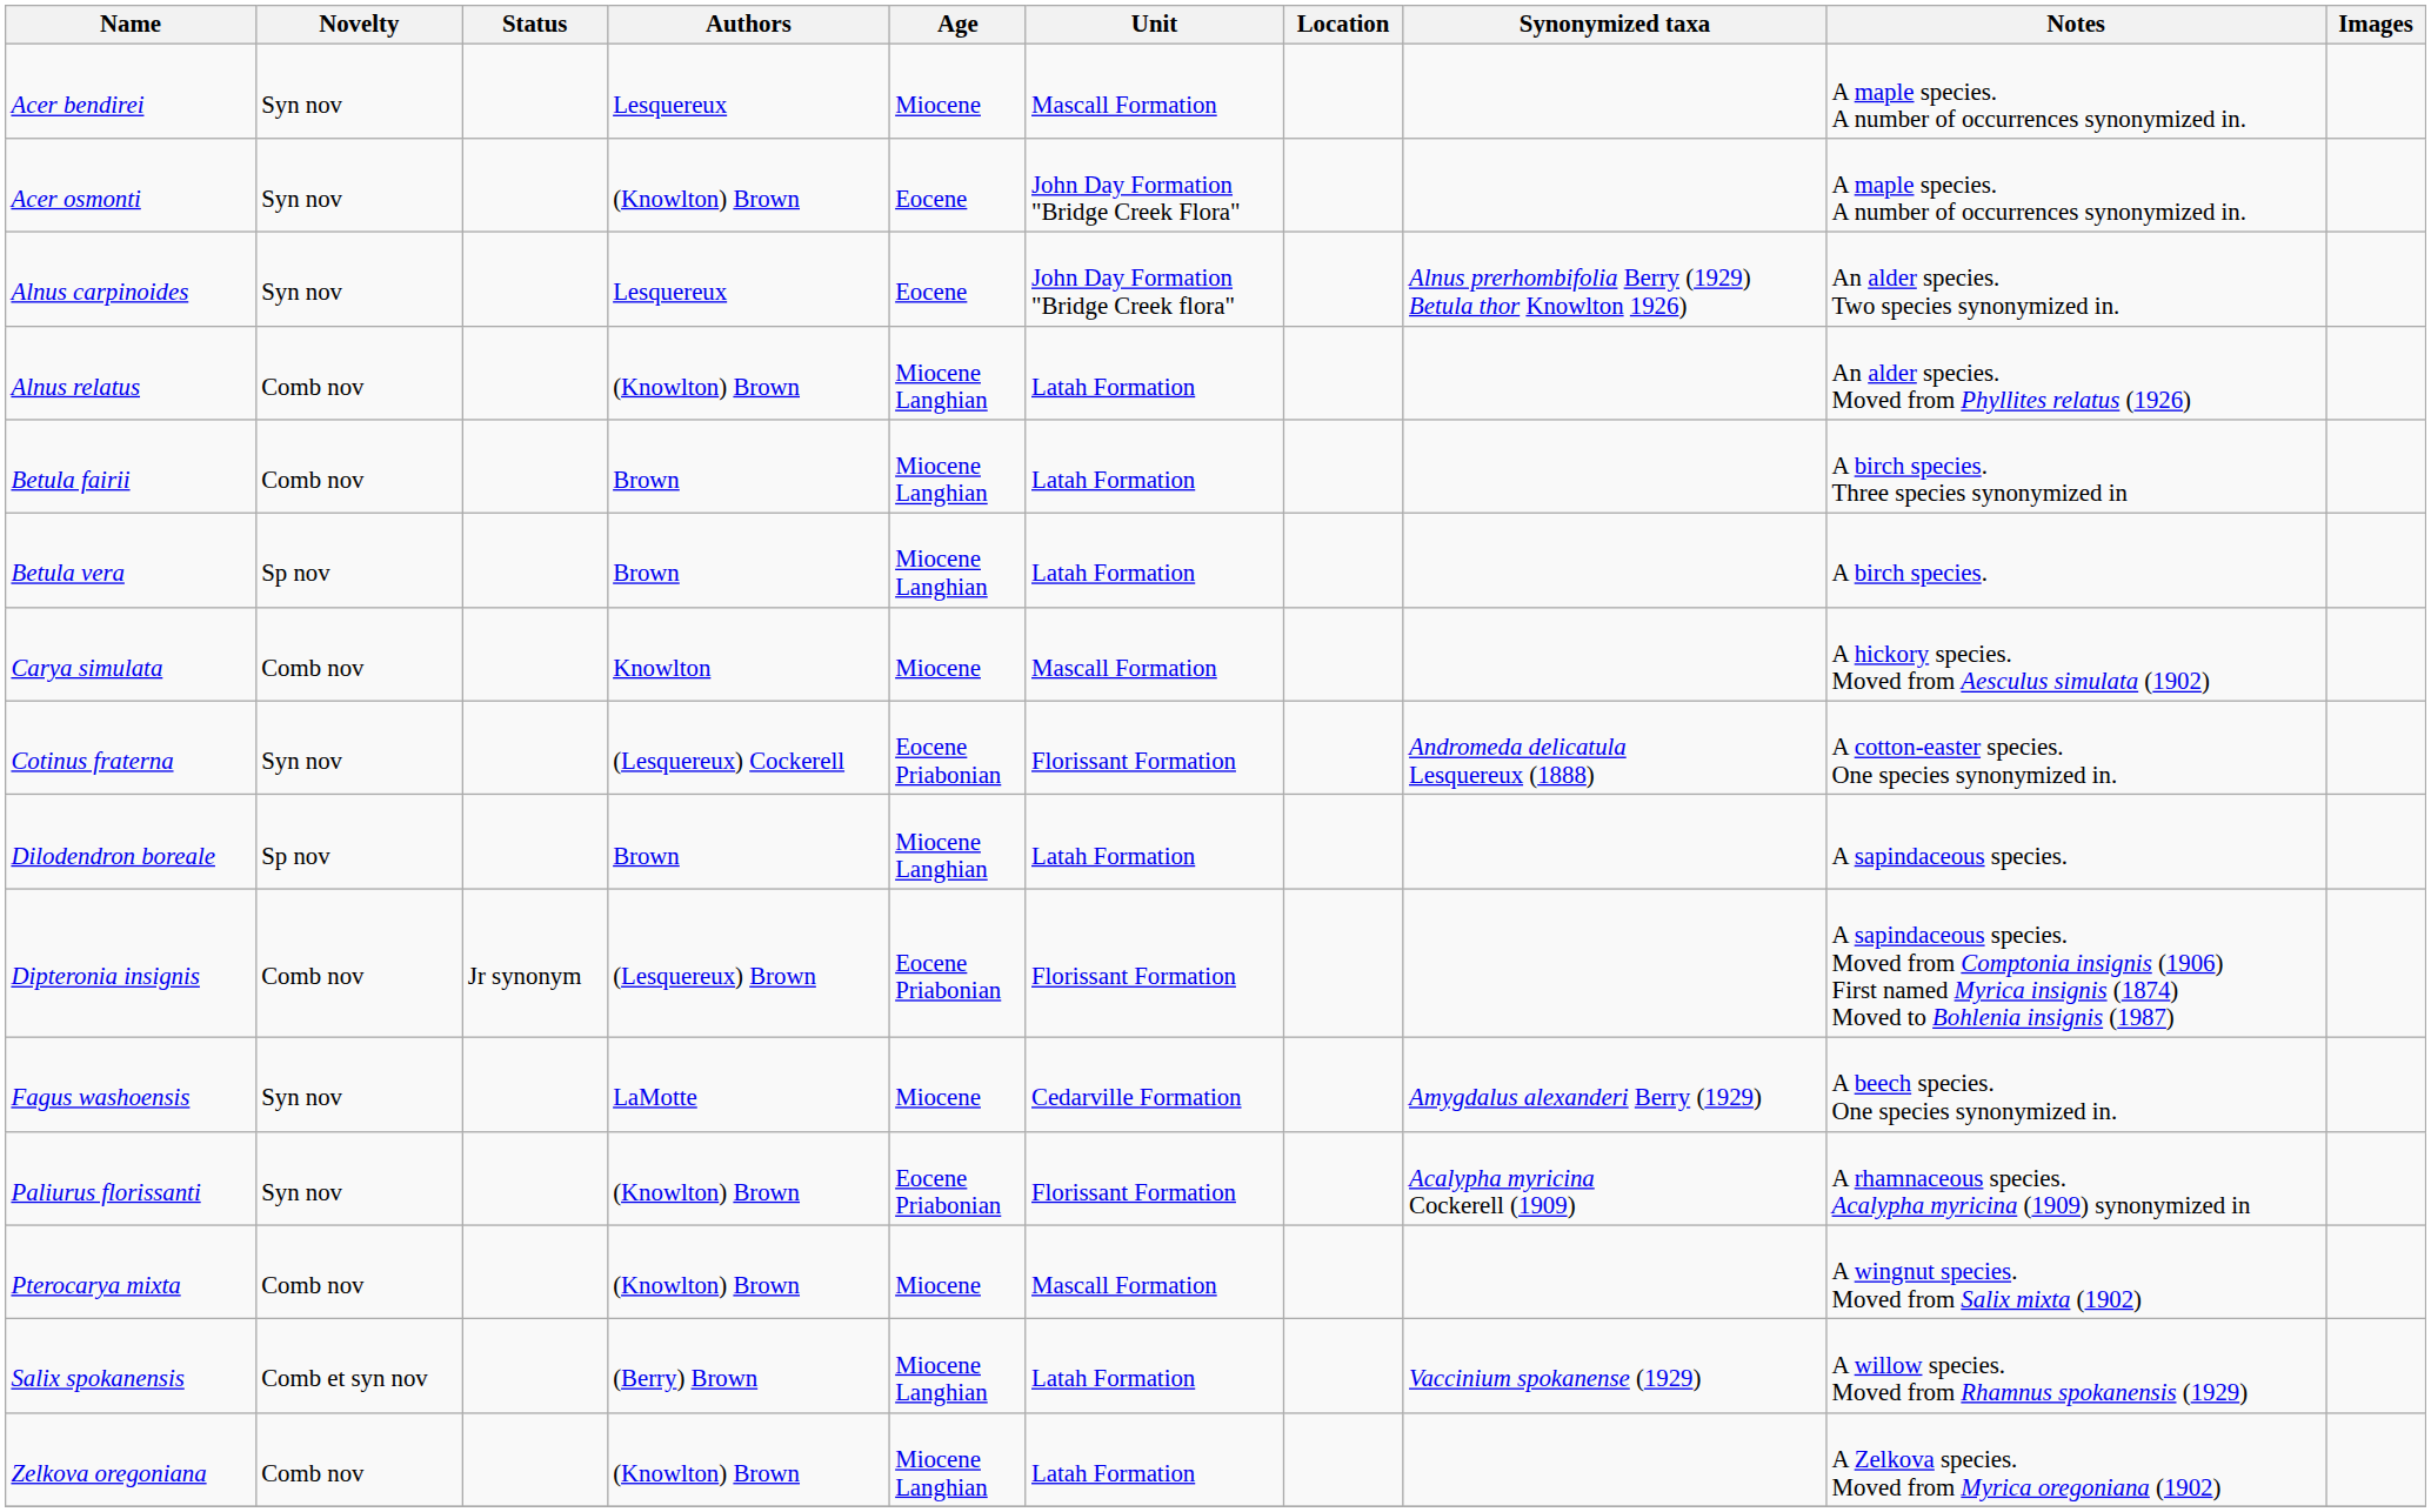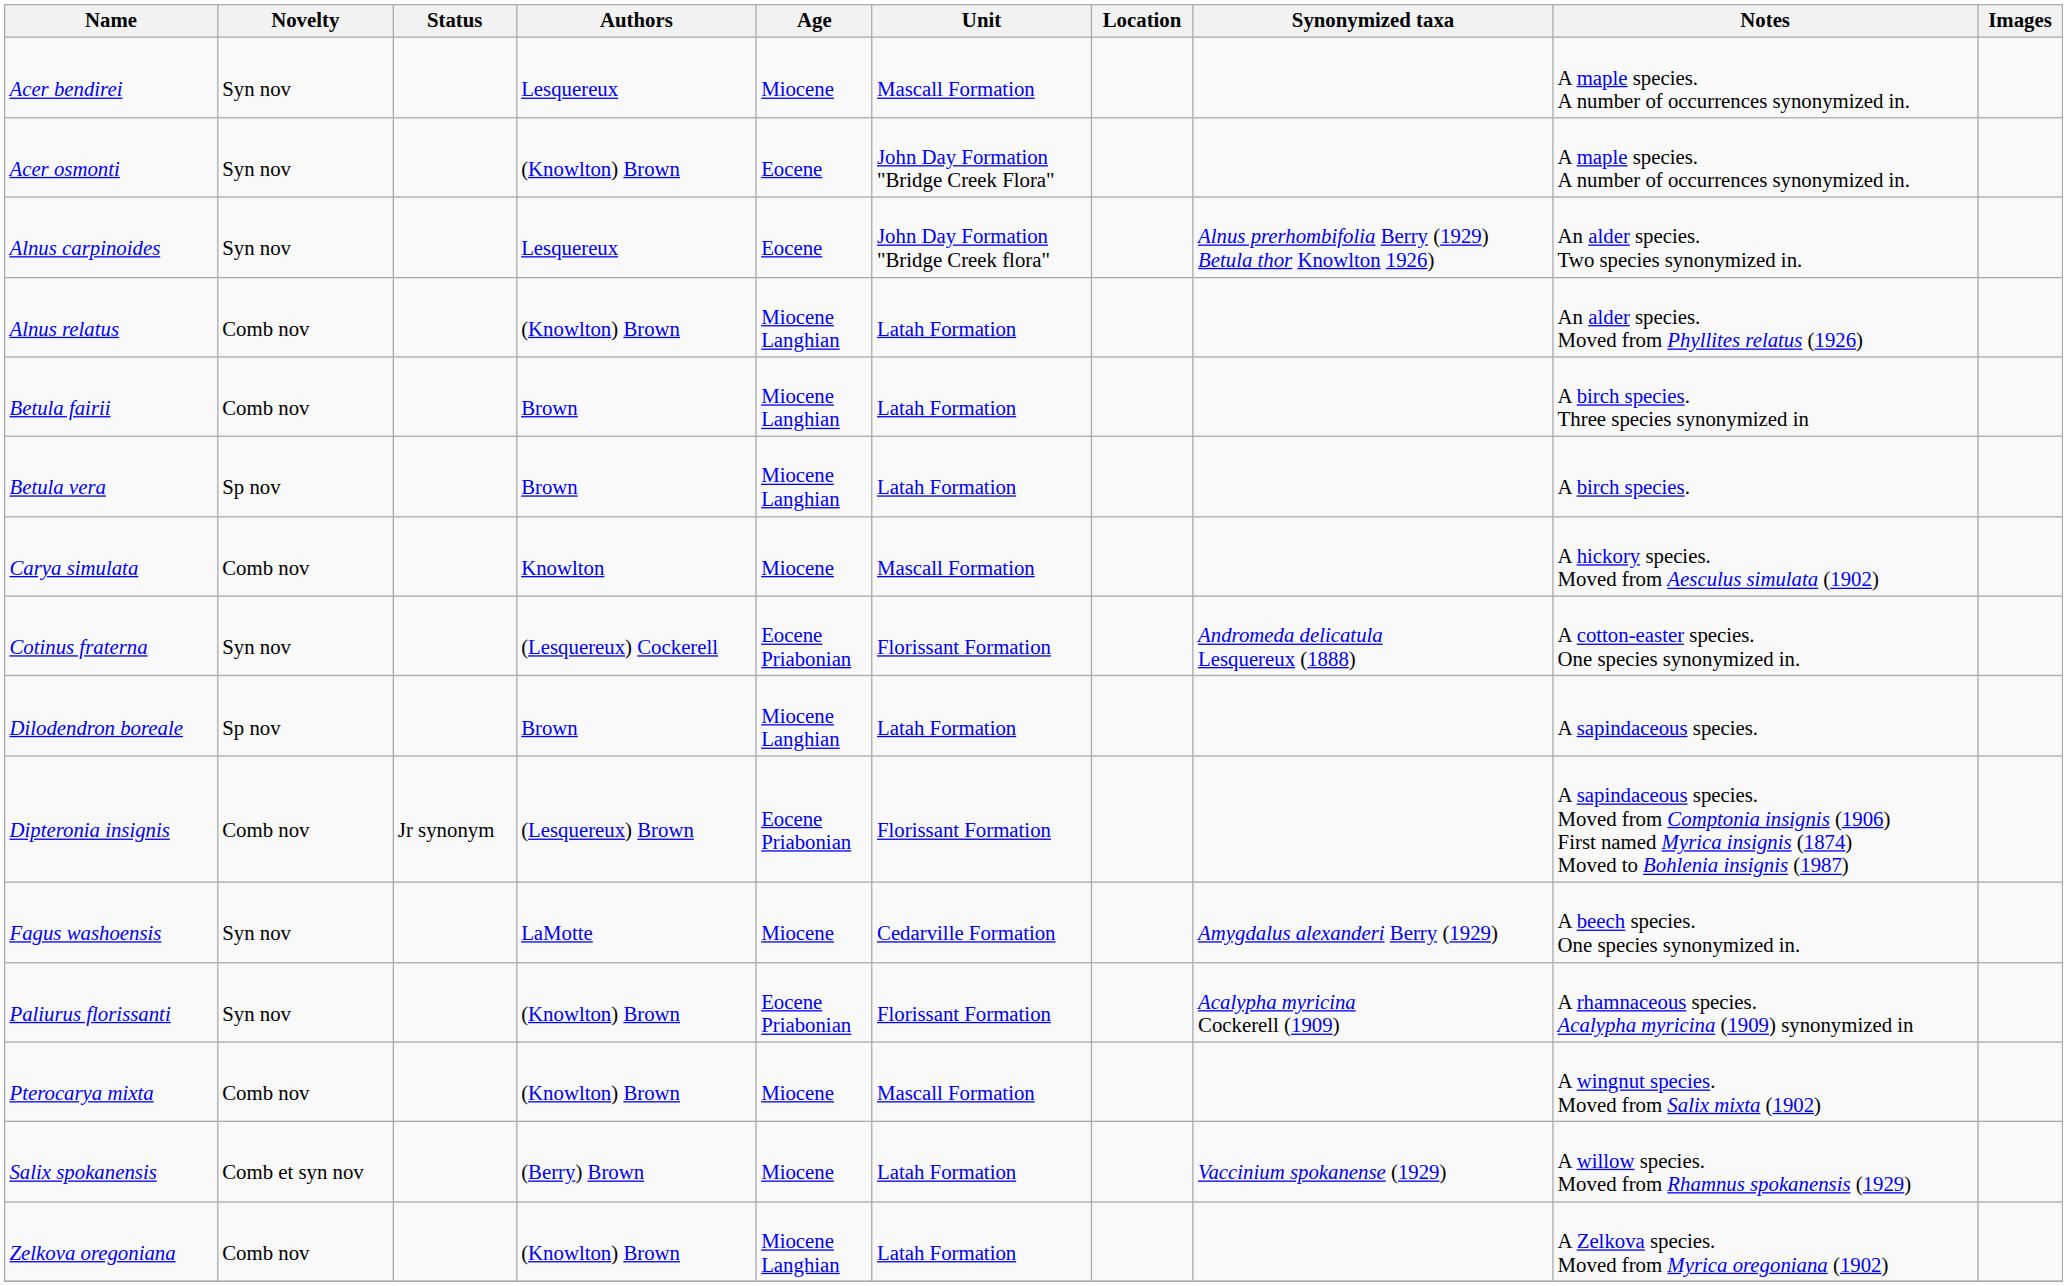 <table class="wikitable sortable" align="center" width="100%">
 <tr>
 <th>Name</th>
 <th>Novelty</th>
 <th>Status</th>
 <th>Authors</th>
 <th>Age</th>
 <th>Unit</th>
 <th>Location</th>
 <th>Synonymized taxa</th>
 <th>Notes</th>
 <th>Images</th>
 </tr>
 <tr>
 <td><br><em><a href='#'>Acer bendirei</a></em></td>
 <td><br>Syn nov</td>
 <td></td>
 <td><br><a href='#'>Lesquereux</a></td>
 <td><br><a href='#'>Miocene</a></td>
 <td><br><a href='#'>Mascall Formation</a></td>
 <td><br><br></td>
 <td><br></td>
 <td><br>A <a href='#'>maple</a> species.<br>A number of occurrences synonymized in.</td>
 <td></td>
 </tr>
 <tr>
 <td><br><em><a href='#'>Acer osmonti</a></em></td>
 <td><br>Syn nov</td>
 <td></td>
 <td><br>(<a href='#'>Knowlton</a>) <a href='#'>Brown</a></td>
 <td><br><a href='#'>Eocene</a></td>
 <td><br><a href='#'>John Day Formation</a><br>"Bridge Creek Flora"</td>
 <td><br><br></td>
 <td><br></td>
 <td><br>A <a href='#'>maple</a> species.<br>A number of occurrences synonymized in.</td>
 <td></td>
 </tr>
 <tr>
 <td><br><em><a href='#'>Alnus carpinoides</a></em></td>
 <td><br>Syn nov</td>
 <td></td>
 <td><br><a href='#'>Lesquereux</a></td>
 <td><br><a href='#'>Eocene</a></td>
 <td><br><a href='#'>John Day Formation</a><br>"Bridge Creek flora"</td>
 <td><br><br></td>
 <td><br><em><a href='#'>Alnus prerhombifolia</a></em> <a href='#'>Berry</a> (<a href='#'>1929</a>)<br> <em><a href='#'>Betula thor</a></em> <a href='#'>Knowlton</a> <a href='#'>1926</a>)</td>
 <td><br>An <a href='#'>alder</a> species.<br> Two species synonymized in.</td>
 <td><br></td>
 </tr>
 <tr>
 <td><br><em><a href='#'>Alnus relatus</a></em></td>
 <td><br>Comb nov</td>
 <td></td>
 <td><br>(<a href='#'>Knowlton</a>) <a href='#'>Brown</a></td>
 <td><br><a href='#'>Miocene</a><br><a href='#'>Langhian</a></td>
 <td><br><a href='#'>Latah Formation</a></td>
 <td><br><br></td>
 <td><br></td>
 <td><br>An <a href='#'>alder</a> species.<br>Moved from <em><a href='#'>Phyllites relatus</a></em> (<a href='#'>1926</a>)</td>
 <td><br></td>
 </tr>
 <tr>
 <td><br><em><a href='#'>Betula fairii</a></em></td>
 <td><br>Comb nov</td>
 <td></td>
 <td><br><a href='#'>Brown</a></td>
 <td><br><a href='#'>Miocene</a><br><a href='#'>Langhian</a></td>
 <td><br><a href='#'>Latah Formation</a></td>
 <td><br><br></td>
 <td><br></td>
 <td><br>A <a href='#'>birch species</a>.<br>Three species synonymized in</td>
 <td><br></td>
 </tr>
 <tr>
 <td><br><em><a href='#'>Betula vera</a></em></td>
 <td><br>Sp nov</td>
 <td></td>
 <td><br><a href='#'>Brown</a></td>
 <td><br><a href='#'>Miocene</a><br><a href='#'>Langhian</a></td>
 <td><br><a href='#'>Latah Formation</a></td>
 <td><br><br></td>
 <td></td>
 <td><br>A <a href='#'>birch species</a>.</td>
 <td></td>
 </tr>
 <tr>
 <td><br><em><a href='#'>Carya simulata</a></em></td>
 <td><br>Comb nov</td>
 <td></td>
 <td><br><a href='#'>Knowlton</a></td>
 <td><br><a href='#'>Miocene</a></td>
 <td><br><a href='#'>Mascall Formation</a></td>
 <td><br><br></td>
 <td></td>
 <td><br>A <a href='#'>hickory</a> species.<br>Moved from <em><a href='#'>Aesculus simulata</a></em> (<a href='#'>1902</a>)</td>
 <td></td>
 </tr>
 <tr>
 <td><br><em><a href='#'>Cotinus fraterna</a></em></td>
 <td><br>Syn nov</td>
 <td></td>
 <td><br>(<a href='#'>Lesquereux</a>) <a href='#'>Cockerell</a></td>
 <td><br><a href='#'>Eocene</a><br><a href='#'>Priabonian</a></td>
 <td><br><a href='#'>Florissant Formation</a></td>
 <td><br><br></td>
 <td><br><em><a href='#'>Andromeda delicatula</a></em><br><a href='#'>Lesquereux</a> (<a href='#'>1888</a>)</td>
 <td><br>A <a href='#'>cotton-easter</a> species.<br> One species synonymized in.</td>
 <td></td>
 </tr>
 <tr>
 <td><br><em><a href='#'>Dilodendron boreale</a></em></td>
 <td><br>Sp nov</td>
 <td></td>
 <td><br><a href='#'>Brown</a></td>
 <td><br><a href='#'>Miocene</a><br><a href='#'>Langhian</a></td>
 <td><br><a href='#'>Latah Formation</a></td>
 <td><br><br></td>
 <td></td>
 <td><br>A <a href='#'>sapindaceous</a> species.</td>
 <td></td>
 </tr>
 <tr>
 <td><br><em><a href='#'>Dipteronia insignis</a></em></td>
 <td><br>Comb nov</td>
 <td><br>Jr synonym</td>
 <td><br>(<a href='#'>Lesquereux</a>) <a href='#'>Brown</a></td>
 <td><br><a href='#'>Eocene</a><br><a href='#'>Priabonian</a></td>
 <td><br><a href='#'>Florissant Formation</a></td>
 <td><br><br></td>
 <td><br></td>
 <td><br>A <a href='#'>sapindaceous</a> species.<br>Moved from <em><a href='#'>Comptonia insignis</a></em> (<a href='#'>1906</a>)<br>First named <em><a href='#'>Myrica insignis</a></em> (<a href='#'>1874</a>)<br>Moved to <em><a href='#'>Bohlenia insignis</a></em> (<a href='#'>1987</a>)</td>
 <td></td>
 </tr>
 <tr>
 <td><br><em><a href='#'>Fagus washoensis</a></em></td>
 <td><br>Syn nov</td>
 <td></td>
 <td><br><a href='#'>LaMotte</a></td>
 <td><br><a href='#'>Miocene</a></td>
 <td><br><a href='#'>Cedarville Formation</a></td>
 <td><br><br></td>
 <td><br><em><a href='#'>Amygdalus alexanderi</a></em> <a href='#'>Berry</a> (<a href='#'>1929</a>)</td>
 <td><br>A <a href='#'>beech</a> species.<br> One species synonymized in.</td>
 <td></td>
 </tr>
 <tr>
 <td><br><em><a href='#'>Paliurus florissanti</a></em></td>
 <td><br>Syn nov</td>
 <td></td>
 <td><br>(<a href='#'>Knowlton</a>) <a href='#'>Brown</a></td>
 <td><br><a href='#'>Eocene</a><br><a href='#'>Priabonian</a></td>
 <td><br><a href='#'>Florissant Formation</a></td>
 <td><br><br></td>
 <td><br><em><a href='#'>Acalypha myricina</a></em><br>Cockerell (<a href='#'>1909</a>)</td>
 <td><br>A <a href='#'>rhamnaceous</a> species.<br><em><a href='#'>Acalypha myricina</a></em> (<a href='#'>1909</a>) synonymized in</td>
 <td></td>
 </tr>
 <tr>
 <td><br><em><a href='#'>Pterocarya mixta</a></em></td>
 <td><br>Comb nov</td>
 <td></td>
 <td><br>(<a href='#'>Knowlton</a>) <a href='#'>Brown</a></td>
 <td><br><a href='#'>Miocene</a></td>
 <td><br><a href='#'>Mascall Formation</a></td>
 <td><br><br></td>
 <td></td>
 <td><br>A <a href='#'>wingnut species</a>.<br>Moved from <em><a href='#'>Salix mixta</a></em> (<a href='#'>1902</a>)<br></td>
 <td></td>
 </tr>
 <tr>
 <td><br><em><a href='#'>Salix spokanensis</a></em></td>
 <td><br>Comb et syn nov</td>
 <td></td>
 <td><br>(<a href='#'>Berry</a>) <a href='#'>Brown</a></td>
-<td><br><a href='#'>Miocene</a><br><a href='#'>Langhian</a></td>
+<td><br><a href='#'>Miocene</a></td>
 <td><br><a href='#'>Latah Formation</a></td>
 <td><br><br></td>
 <td><br><em><a href='#'>Vaccinium spokanense</a></em> (<a href='#'>1929</a>)</td>
 <td><br>A <a href='#'>willow</a> species.<br>Moved from <em><a href='#'>Rhamnus spokanensis</a></em> (<a href='#'>1929</a>)</td>
 <td><br></td>
 </tr>
 <tr>
 <td><br><em><a href='#'>Zelkova oregoniana</a></em></td>
 <td><br>Comb nov</td>
 <td></td>
 <td><br>(<a href='#'>Knowlton</a>) <a href='#'>Brown</a></td>
 <td><br><a href='#'>Miocene</a><br><a href='#'>Langhian</a></td>
 <td><br><a href='#'>Latah Formation</a></td>
 <td><br><br></td>
 <td><br></td>
 <td><br>A <a href='#'>Zelkova</a> species.<br>Moved from <em><a href='#'>Myrica oregoniana</a></em> (<a href='#'>1902</a>)</td>
 <td></td>
 </tr>
 <tr>
 </tr>
 </table>
